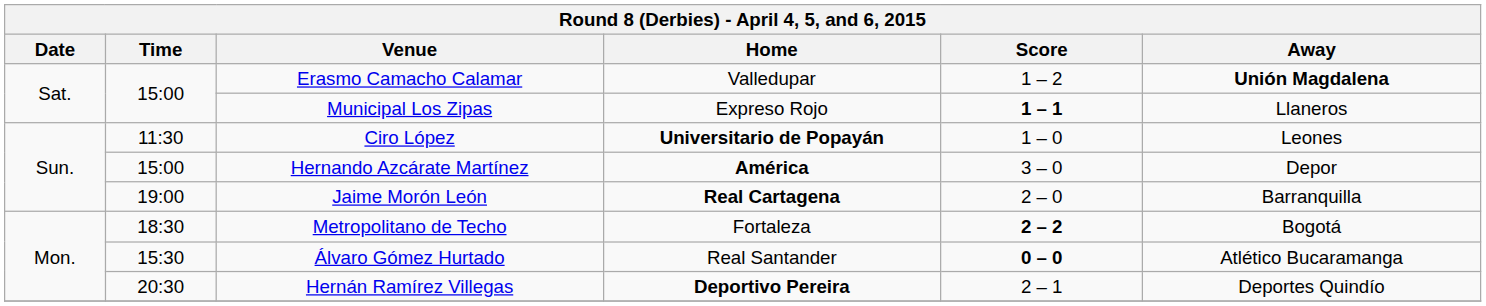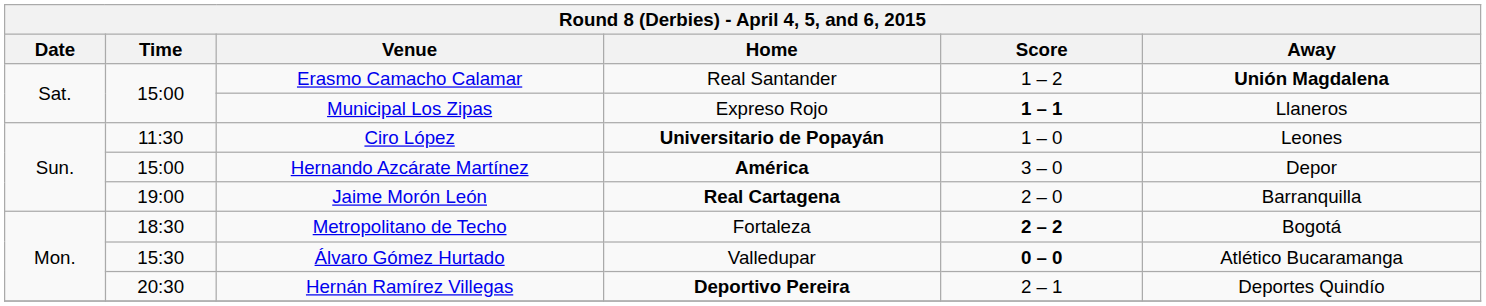 <table class="wikitable collapsible collapsed" style="font-size:95%; text-align: center; width: 95%;">
 <tr>
 <th colspan="12" style="with: 100%;" align=center>Round 8 (Derbies) - April 4, 5, and 6, 2015</th>
 </tr>
 <tr>
 <th width="10">Date</th>
 <th width="20">Time</th>
 <th width="150">Venue</th>
 <th width="130">Home</th>
 <th width="75">Score</th>
 <th width="130">Away</th>
 </tr>
 <tr align=center>
 <td rowspan=2>Sat.</td>
 <td rowspan=2>15:00</td>
 <td><a href='#'>Erasmo Camacho Calamar</a></td>
-<td>Valledupar</td>
+<td>Real Santander</td>
 <td>1 – 2</td>
 <td><strong>Unión Magdalena</strong></td>
 </tr>
 <tr align=center>
 <td><a href='#'>Municipal Los Zipas</a></td>
 <td>Expreso Rojo</td>
 <td><strong>1 – 1</strong></td>
 <td>Llaneros</td>
 </tr>
 <tr align=center>
 <td rowspan=3>Sun.</td>
 <td>11:30</td>
 <td><a href='#'>Ciro López</a></td>
 <td><strong>Universitario de Popayán</strong></td>
 <td>1 – 0</td>
 <td>Leones</td>
 </tr>
 <tr align=center>
 <td>15:00</td>
 <td><a href='#'>Hernando Azcárate Martínez</a></td>
 <td><strong>América</strong></td>
 <td>3 – 0</td>
 <td>Depor</td>
 </tr>
 <tr align=center>
 <td>19:00</td>
 <td><a href='#'>Jaime Morón León</a></td>
 <td><strong>Real Cartagena</strong></td>
 <td>2 – 0</td>
 <td>Barranquilla</td>
 </tr>
 <tr align=center>
 <td rowspan=3>Mon.</td>
 <td>18:30</td>
 <td><a href='#'>Metropolitano de Techo</a></td>
 <td>Fortaleza</td>
 <td><strong>2 – 2</strong></td>
 <td>Bogotá</td>
 </tr>
 <tr align=center>
 <td>15:30</td>
 <td><a href='#'>Álvaro Gómez Hurtado</a></td>
-<td>Real Santander</td>
+<td>Valledupar</td>
 <td><strong>0 – 0</strong></td>
 <td>Atlético Bucaramanga</td>
 </tr>
 <tr align=center>
 <td>20:30</td>
 <td><a href='#'>Hernán Ramírez Villegas</a></td>
 <td><strong>Deportivo Pereira</strong></td>
 <td>2 – 1</td>
 <td>Deportes Quindío</td>
 </tr>
 <tr align=center>
 </tr>
 </table>
